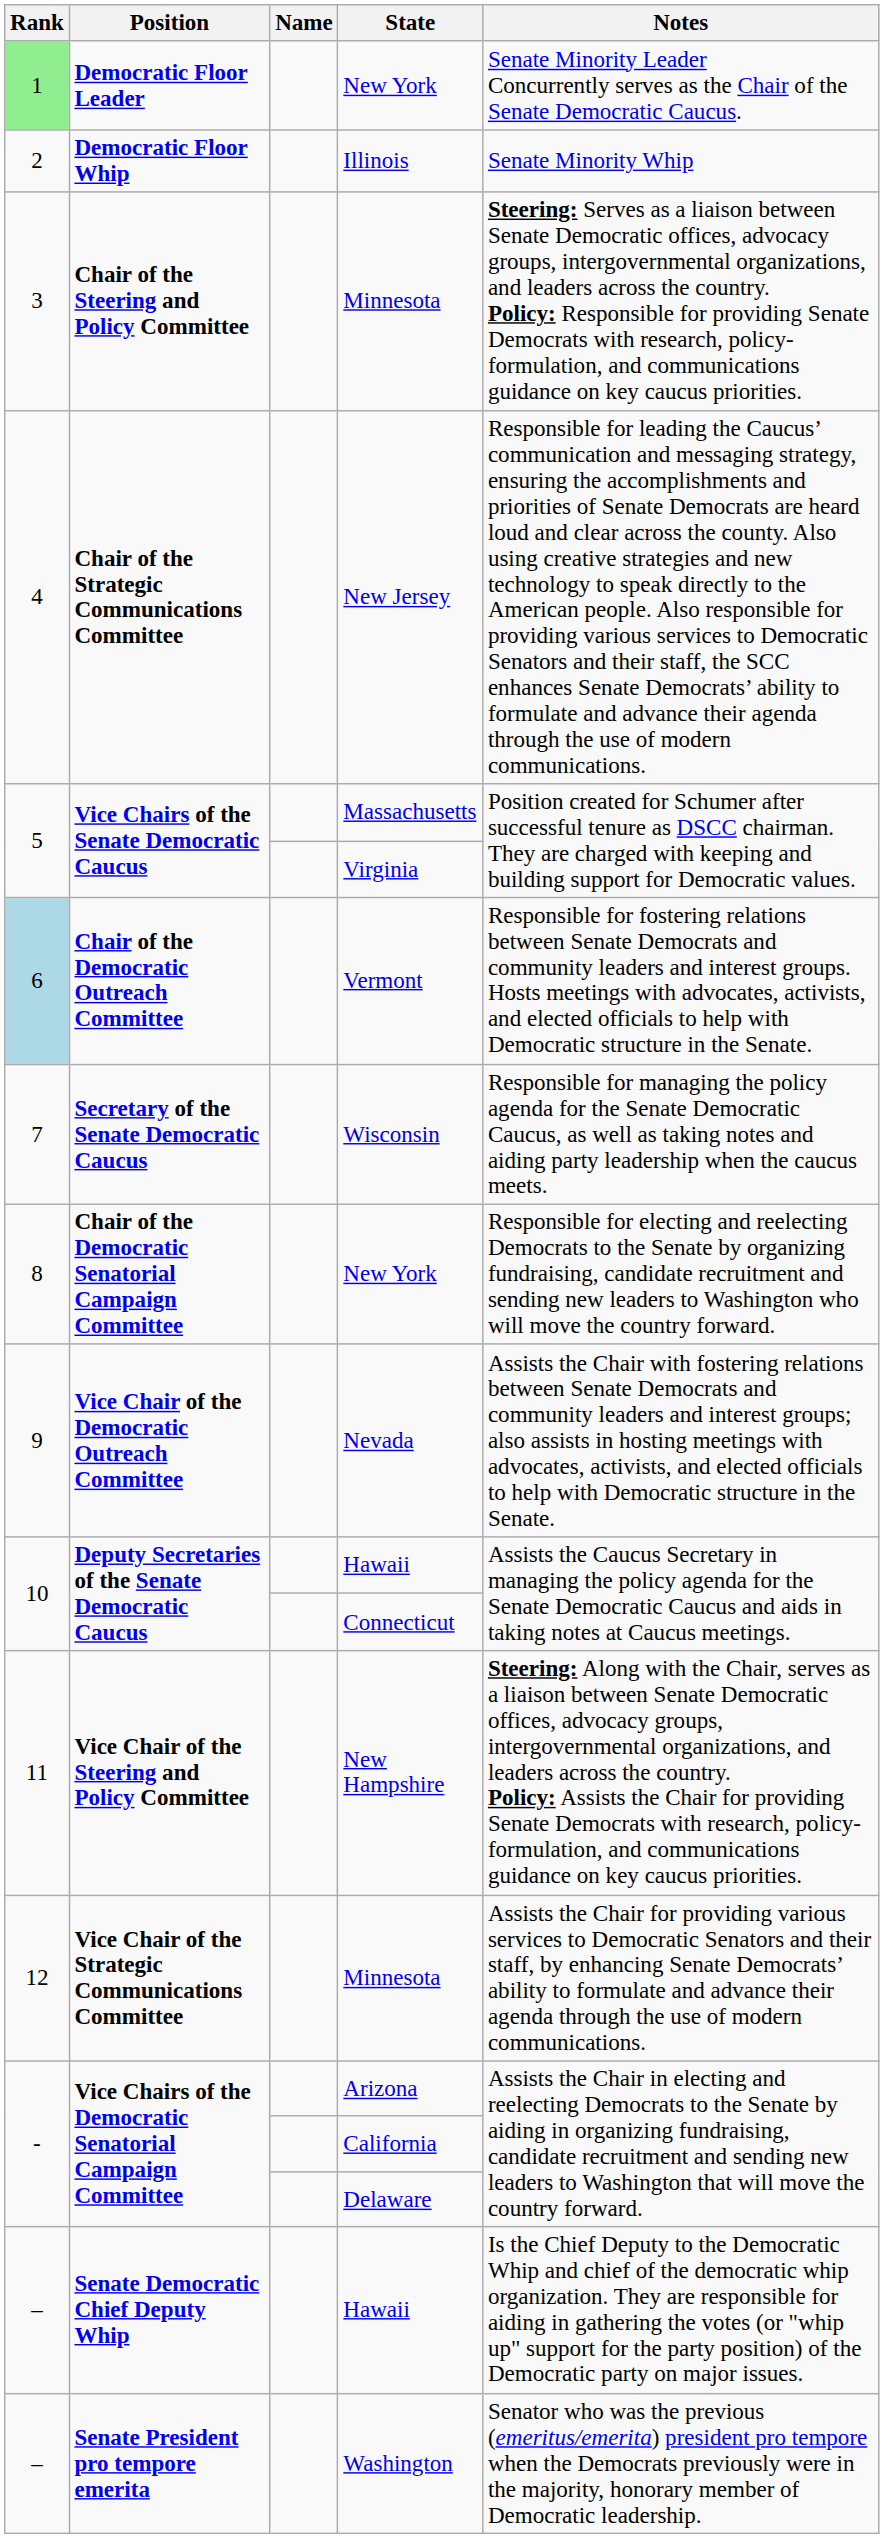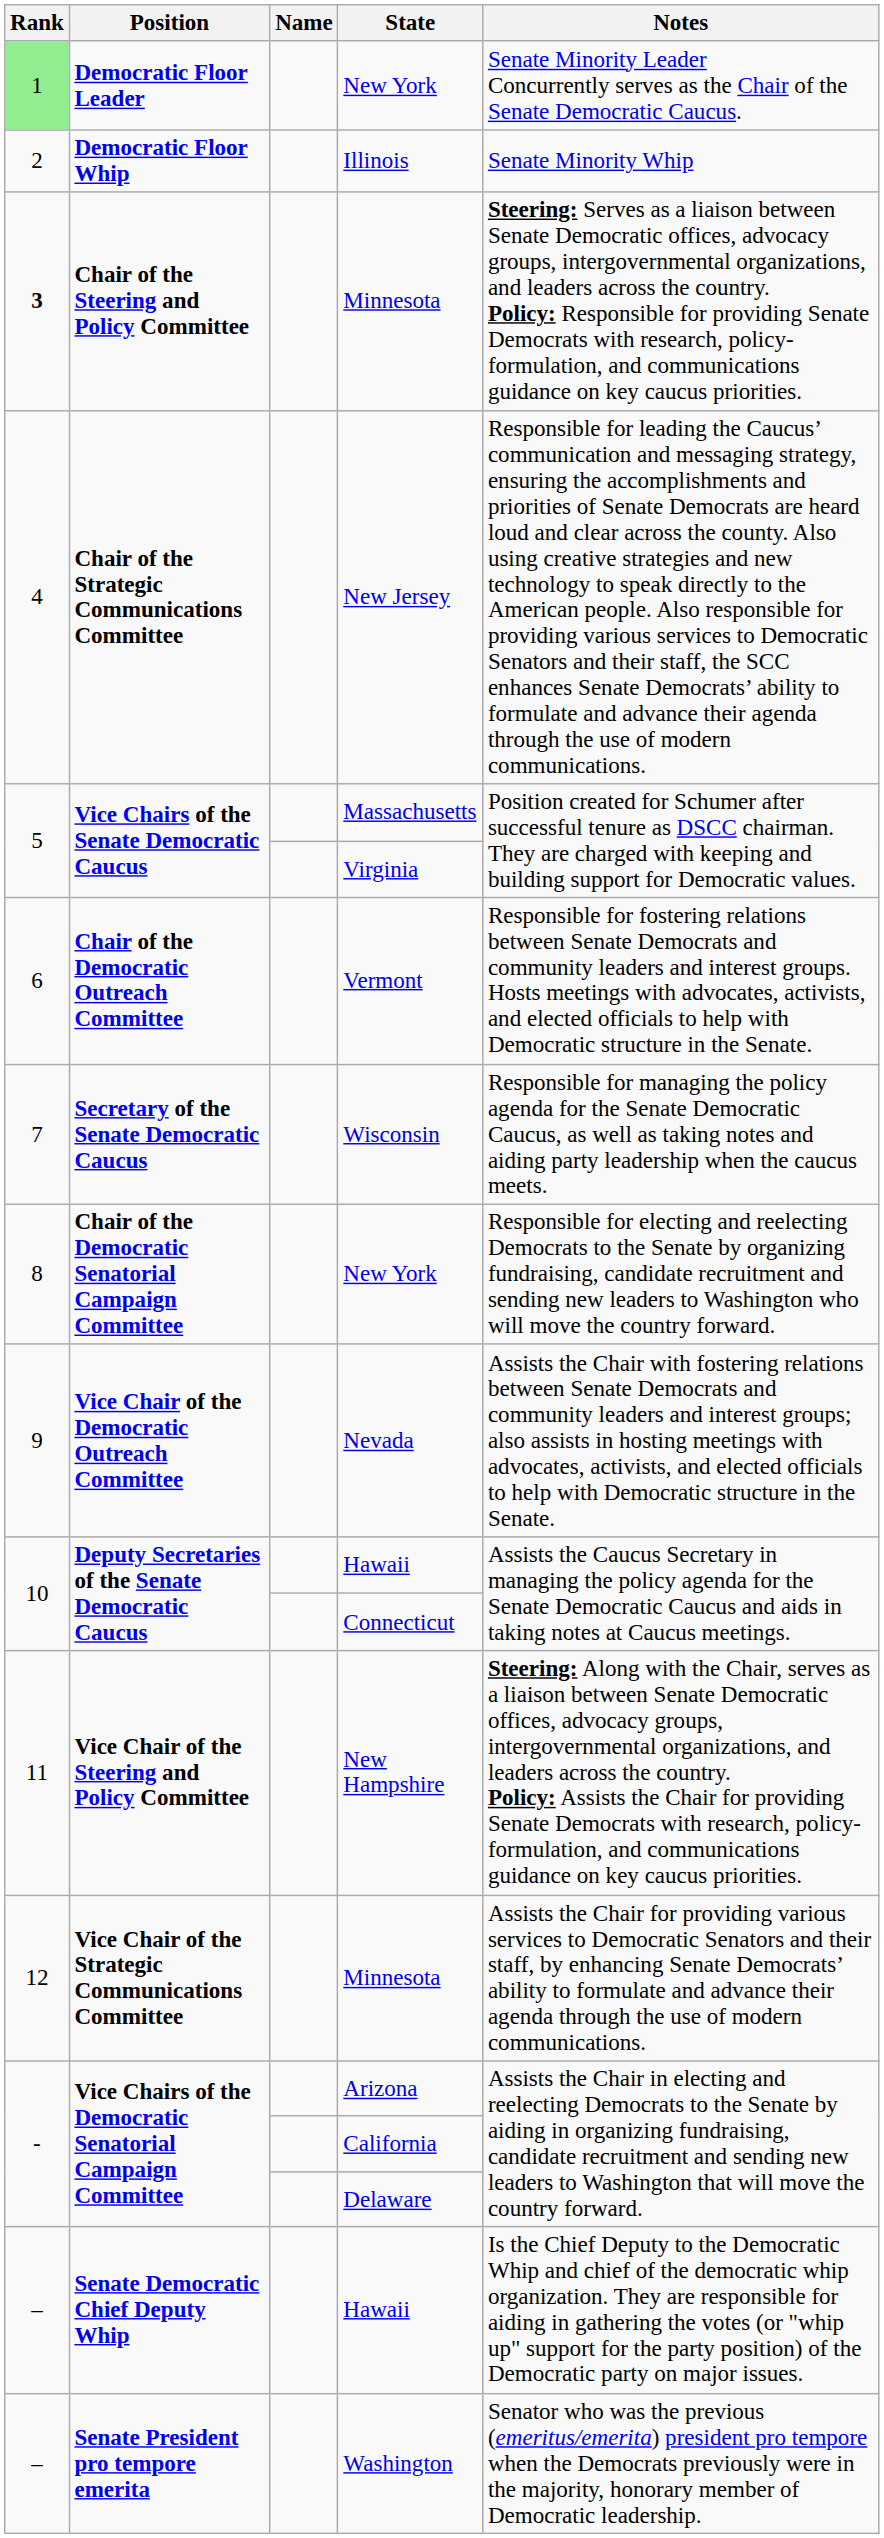 <table class="wikitable sortable">
 <tr>
 <th>Rank</th>
 <th>Position</th>
 <th>Name</th>
 <th>State</th>
 <th>Notes</th>
 </tr>
 <tr>
 <td align=center style="background: lightgreen;">1</td>
 <td><strong><a href='#'>Democratic Floor Leader</a></strong></td>
 <td></td>
 <td><a href='#'>New York</a></td>
 <td><a href='#'>Senate Minority Leader</a><br>Concurrently serves as the <a href='#'>Chair</a> of the <a href='#'>Senate Democratic Caucus</a>.</td>
 </tr>
 <tr>
 <td align=center>2</td>
 <td><strong><a href='#'>Democratic Floor Whip</a></strong></td>
 <td></td>
 <td><a href='#'>Illinois</a></td>
 <td><a href='#'>Senate Minority Whip</a></td>
 </tr>
 <tr>
-<td align=center>3</td>
+<td align=center><strong>3</strong></td>
 <td><strong>Chair of the <a href='#'>Steering</a> and <a href='#'>Policy</a> Committee</strong></td>
 <td></td>
 <td><a href='#'>Minnesota</a></td>
 <td><u><strong>Steering:</strong></u> Serves as a liaison between Senate Democratic offices, advocacy groups, intergovernmental organizations, and leaders across the country.<br><u><strong>Policy:</strong></u> Responsible for providing Senate Democrats with research, policy-formulation, and communications guidance on key caucus priorities.</td>
 </tr>
 <tr>
 <td align=center>4</td>
 <td><strong>Chair of the Strategic Communications Committee</strong></td>
 <td></td>
 <td><a href='#'>New Jersey</a></td>
 <td>Responsible for leading the Caucus’ communication and messaging strategy, ensuring the accomplishments and priorities of Senate Democrats are heard loud and clear across the county. Also using creative strategies and new technology to speak directly to the American people. Also responsible for providing various services to Democratic Senators and their staff, the SCC enhances Senate Democrats’ ability to formulate and advance their agenda through the use of modern communications.</td>
 </tr>
 <tr>
 <td rowspan=2 align=center>5</td>
 <td rowspan=2><strong><a href='#'>Vice Chairs</a> of the <a href='#'>Senate Democratic Caucus</a></strong></td>
 <td></td>
 <td><a href='#'>Massachusetts</a></td>
 <td rowspan=2>Position created for Schumer after successful tenure as <a href='#'>DSCC</a> chairman. They are charged with keeping and building support for Democratic values.</td>
 </tr>
 <tr>
 <td></td>
 <td><a href='#'>Virginia</a></td>
 </tr>
 <tr>
-<td align=center style="background: lightblue;">6</td>
+<td align=center>6</td>
 <td><strong><a href='#'>Chair</a> of the <a href='#'>Democratic Outreach Committee</a></strong></td>
 <td></td>
 <td><a href='#'>Vermont</a></td>
 <td>Responsible for fostering relations between Senate Democrats and community leaders and interest groups. Hosts meetings with advocates, activists, and elected officials to help with Democratic structure in the Senate.</td>
 </tr>
 <tr>
 <td align=center>7</td>
 <td><strong><a href='#'>Secretary</a> of the <a href='#'>Senate Democratic Caucus</a></strong></td>
 <td></td>
 <td><a href='#'>Wisconsin</a></td>
 <td>Responsible for managing the policy agenda for the Senate Democratic Caucus, as well as taking notes and aiding party leadership when the caucus meets.</td>
 </tr>
 <tr>
 <td align=center>8</td>
 <td><strong>Chair of the <a href='#'>Democratic Senatorial Campaign Committee</a></strong></td>
 <td> </td>
 <td><a href='#'>New York</a></td>
 <td>Responsible for electing and reelecting Democrats to the Senate by organizing fundraising, candidate recruitment and sending new leaders to Washington who will move the country forward.</td>
 </tr>
 <tr>
 <td align=center>9</td>
 <td><strong><a href='#'>Vice Chair</a> of the <a href='#'>Democratic Outreach Committee</a></strong></td>
 <td></td>
 <td><a href='#'>Nevada</a></td>
 <td>Assists the Chair with fostering relations between Senate Democrats and community leaders and interest groups; also assists in hosting meetings with advocates, activists, and elected officials to help with Democratic structure in the Senate.</td>
 </tr>
 <tr>
 <td rowspan=2 align=center>10</td>
 <td rowspan=2><strong><a href='#'>Deputy Secretaries</a> of the <a href='#'>Senate Democratic Caucus</a></strong></td>
 <td></td>
 <td><a href='#'>Hawaii</a></td>
 <td rowspan=2>Assists the Caucus Secretary in managing the policy agenda for the Senate Democratic Caucus and aids in taking notes at Caucus meetings.</td>
 </tr>
 <tr>
 <td></td>
 <td><a href='#'>Connecticut</a></td>
 </tr>
 <tr>
 <td align=center>11</td>
 <td><strong>Vice Chair of the <a href='#'>Steering</a> and <a href='#'>Policy</a> Committee</strong></td>
 <td></td>
 <td><a href='#'>New Hampshire</a></td>
 <td><u><strong>Steering:</strong></u> Along with the Chair, serves as a liaison between Senate Democratic offices, advocacy groups, intergovernmental organizations, and leaders across the country.<br><u><strong>Policy:</strong></u> Assists the Chair for providing Senate Democrats with research, policy-formulation, and communications guidance on key caucus priorities.</td>
 </tr>
 <tr>
 <td align=center>12</td>
 <td><strong>Vice Chair of the Strategic Communications Committee</strong></td>
 <td></td>
 <td><a href='#'>Minnesota</a></td>
 <td>Assists the Chair for providing various services to Democratic Senators and their staff, by enhancing Senate Democrats’ ability to formulate and advance their agenda through the use of modern communications.</td>
 </tr>
 <tr>
 <td rowspan=3 align=center align=center>-</td>
 <td rowspan=3><strong>Vice Chairs of the <a href='#'>Democratic Senatorial Campaign Committee</a></strong></td>
 <td></td>
 <td><a href='#'>Arizona</a></td>
 <td rowspan=3>Assists the Chair in electing and reelecting Democrats to the Senate by aiding in organizing fundraising, candidate recruitment and sending new leaders to Washington that will move the country forward.</td>
 </tr>
 <tr>
 <td></td>
 <td><a href='#'>California</a></td>
 </tr>
 <tr>
 <td></td>
 <td><a href='#'>Delaware</a></td>
 </tr>
 <tr>
 <td align=center>–</td>
 <td><strong><a href='#'>Senate Democratic Chief Deputy Whip</a></strong></td>
 <td></td>
 <td><a href='#'>Hawaii</a></td>
 <td>Is the Chief Deputy to the Democratic Whip and chief of the democratic whip organization. They are responsible for aiding in gathering the votes (or "whip up" support for the party position) of the Democratic party on major issues.</td>
 </tr>
 <tr>
 <td align=center>–</td>
 <td><strong><a href='#'>Senate President pro tempore emerita</a></strong></td>
 <td></td>
 <td><a href='#'>Washington</a></td>
 <td>Senator who was the previous (<em><a href='#'>emeritus/emerita</a></em>) <a href='#'>president pro tempore</a> when the Democrats previously were in the majority, honorary member of Democratic leadership.</td>
 </tr>
 </table>
